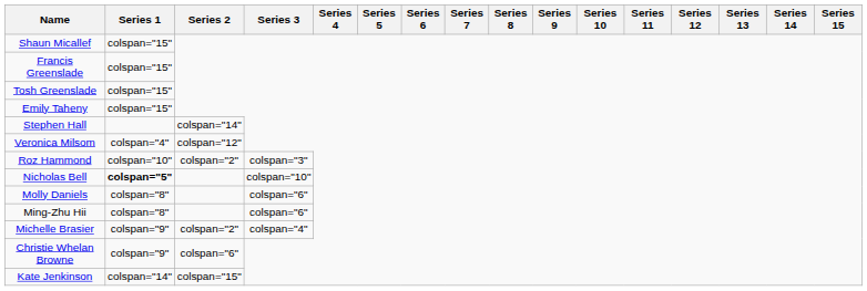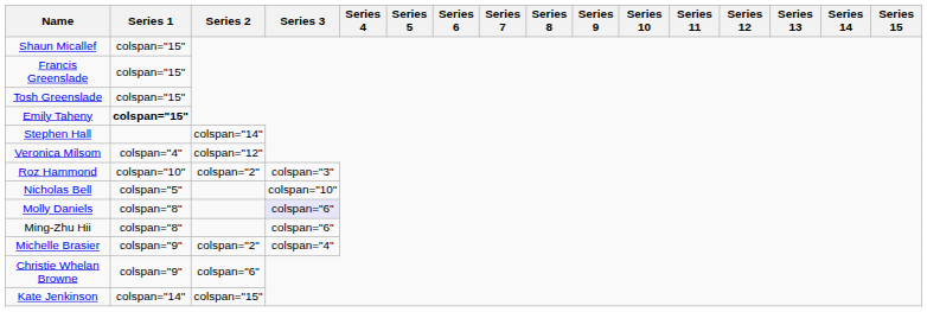 <table class="wikitable" style="text-align:center;">
 <tr>
 <th>Name</th>
 <th>Series 1</th>
 <th>Series 2</th>
 <th>Series 3</th>
 <th>Series 4</th>
 <th>Series 5</th>
 <th>Series 6</th>
 <th>Series 7</th>
 <th>Series 8</th>
 <th>Series 9</th>
 <th>Series 10</th>
 <th>Series 11</th>
 <th>Series 12</th>
 <th>Series 13</th>
 <th>Series 14</th>
 <th>Series 15</th>
 </tr>
 <tr>
 <td><a href='#'>Shaun Micallef</a></td>
 <td>colspan="15" </td>
 </tr>
 <tr>
 <td><a href='#'>Francis Greenslade</a></td>
 <td>colspan="15" </td>
 </tr>
 <tr>
 <td><a href='#'>Tosh Greenslade</a></td>
 <td>colspan="15" </td>
 </tr>
 <tr>
 <td><a href='#'>Emily Taheny</a></td>
-<td>colspan="15" </td>
+<td><strong>colspan="15" </strong></td>
 </tr>
 <tr>
 <td><a href='#'>Stephen Hall</a></td>
 <td></td>
 <td>colspan="14" </td>
 </tr>
 <tr>
 <td><a href='#'>Veronica Milsom</a></td>
 <td>colspan="4" </td>
 <td>colspan="12" </td>
 </tr>
 <tr>
 <td><a href='#'>Roz Hammond</a></td>
 <td>colspan="10" </td>
 <td>colspan="2" </td>
 <td>colspan="3" </td>
 </tr>
 <tr>
 <td><a href='#'>Nicholas Bell</a></td>
-<td><strong>colspan="5" </strong></td>
+<td>colspan="5" </td>
 <td></td>
 <td>colspan="10" </td>
 </tr>
 <tr>
 <td><a href='#'>Molly Daniels</a></td>
 <td>colspan="8" </td>
 <td></td>
-<td>colspan="6" </td>
+<td style="background: lavender;">colspan="6" </td>
 </tr>
 <tr>
 <td>Ming-Zhu Hii</td>
 <td>colspan="8" </td>
 <td></td>
 <td>colspan="6" </td>
 </tr>
 <tr>
 <td><a href='#'>Michelle Brasier</a></td>
 <td>colspan="9" </td>
 <td>colspan="2" </td>
 <td>colspan="4" </td>
 </tr>
 <tr>
 <td><a href='#'>Christie Whelan Browne</a></td>
 <td>colspan="9" </td>
 <td>colspan="6" </td>
 </tr>
 <tr>
 <td><a href='#'>Kate Jenkinson</a></td>
 <td>colspan="14" </td>
 <td>colspan="15" </td>
 </tr>
 </table>
